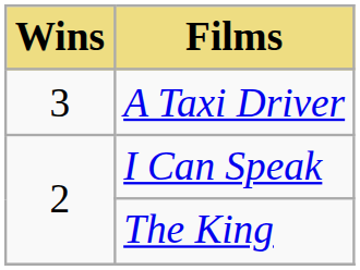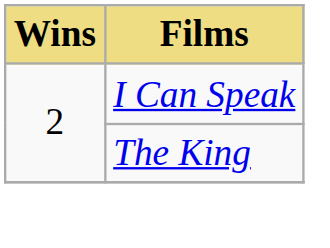 <table class="wikitable" align="center" |>
 <tr>
 <th style="background:#EEDD82;" ! align="center">Wins</th>
 <th style="background:#EEDD82;" ! align="center">Films</th>
-</tr>
-<tr>
-<td style="text-align:center">3</td>
-<td><em><a href='#'>A Taxi Driver</a></em></td>
 </tr>
 <tr>
 <td rowspan="2" style="text-align:center">2</td>
 <td><em><a href='#'>I Can Speak</a></em></td>
 </tr>
 <tr>
 <td><em><a href='#'>The King</a></em></td>
 </tr>
 <tr>
 </tr>
 </table>
